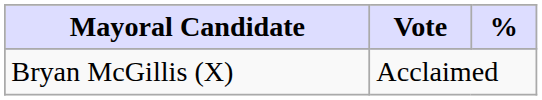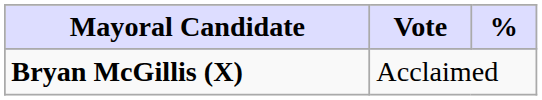 <table class="wikitable">
 <tr>
 <th style="background:#ddf; width:200px;">Mayoral Candidate </th>
 <th style="background:#ddf; width:50px;">Vote</th>
 <th style="background:#ddf; width:30px;">%</th>
 </tr>
 <tr>
-<td>Bryan McGillis (X)</td>
+<td><strong>Bryan McGillis (X)</strong></td>
 <td colspan="2">Acclaimed</td>
 </tr>
 </table>
